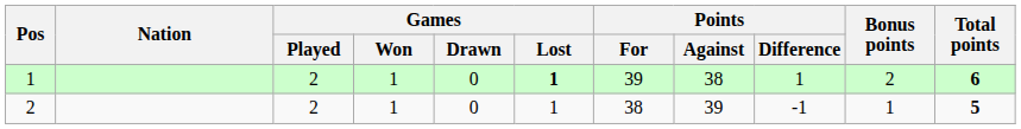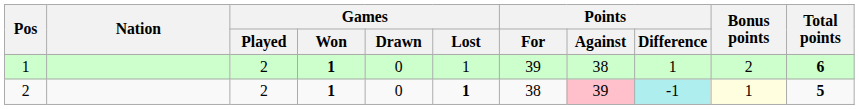 <table class="wikitable" style="text-align:center">
 <tr>
 <th rowspan="2" style="width:5%;">Pos</th>
 <th rowspan="2" style="width:22%;">Nation</th>
 <th colspan="4" style="width:32%;">Games</th>
 <th colspan="3" style="width:32%;">Points</th>
 <th rowspan="2" style="width:9%;">Bonus<br>points</th>
 <th rowspan="2" style="width:9%;">Total<br>points</th>
 </tr>
 <tr>
 <th style="width:8%;">Played</th>
 <th style="width:8%;">Won</th>
 <th style="width:8%;">Drawn</th>
 <th style="width:8%;">Lost</th>
 <th style="width:8%;">For</th>
 <th style="width:8%;">Against</th>
 <th style="width:8%;">Difference</th>
 </tr>
 <tr bgcolor="#ccffcc">
 <td>1</td>
 <td align="left"></td>
 <td>2</td>
+<td><strong>1</strong></td>
+<td>0</td>
 <td>1</td>
-<td>0</td>
-<td><strong>1</strong></td>
 <td>39</td>
 <td>38</td>
 <td>1</td>
 <td>2</td>
 <td><strong>6</strong></td>
 </tr>
 <tr>
 <td>2</td>
 <td align="left"></td>
 <td>2</td>
-<td>1</td>
+<td><strong>1</strong></td>
 <td>0</td>
-<td>1</td>
+<td><strong>1</strong></td>
 <td>38</td>
-<td>39</td>
-<td>-1</td>
-<td>1</td>
+<td style="background: pink;">39</td>
+<td style="background: paleturquoise;">-1</td>
+<td style="background: lightyellow;">1</td>
 <td><strong>5</strong></td>
 </tr>
 </table>
